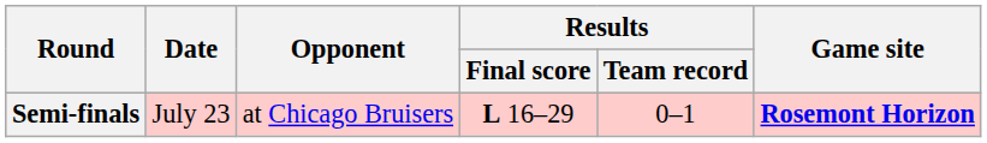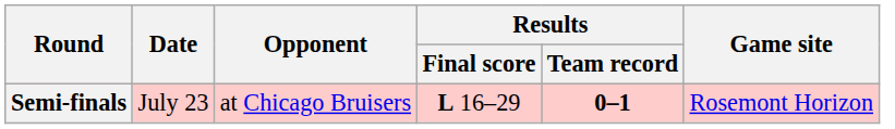 <table class="wikitable" align="center" style="font-size: 92%">
 <tr>
 <th rowspan="2">Round</th>
 <th rowspan="2">Date</th>
 <th rowspan="2">Opponent</th>
 <th colspan="2">Results</th>
 <th rowspan="2">Game site</th>
 </tr>
 <tr>
 <th>Final score</th>
 <th>Team record</th>
 </tr>
 <tr style="background:#fcc">
 <th>Semi-finals</th>
 <td style="text-align:center;">July 23</td>
 <td style="text-align:center;">at <a href='#'>Chicago Bruisers</a></td>
 <td style="text-align:center;"><strong>L</strong> 16–29</td>
-<td style="text-align:center;">0–1</td>
-<td style="text-align:center;"><strong><a href='#'>Rosemont Horizon</a></strong></td>
+<td style="text-align:center;"><strong>0–1</strong></td>
+<td style="text-align:center;"><a href='#'>Rosemont Horizon</a></td>
 </tr>
 </table>
